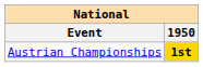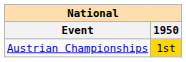 <table class="wikitable" style="text-align:center">
 <tr>
 <th style="background-color: #ffdead; " colspan=2 align=center>National</th>
 </tr>
 <tr>
 <th>Event</th>
 <th>1950</th>
 </tr>
 <tr>
 <td align=left><a href='#'>Austrian Championships</a></td>
-<td bgcolor=gold><strong>1st</strong></td>
+<td bgcolor=gold>1st</td>
 </tr>
 </table>
